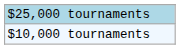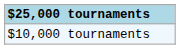 <table class="wikitable"  style="font-size:85%; width:12%;">
 <tr style="background:#f7e98e;">
 </tr>
 <tr style="background:lightblue;">
-<td>$25,000 tournaments</td>
+<td><strong>$25,000 tournaments</strong></td>
 </tr>
 <tr style="background:#f0f8ff;">
 <td>$10,000 tournaments</td>
 </tr>
 </table>
